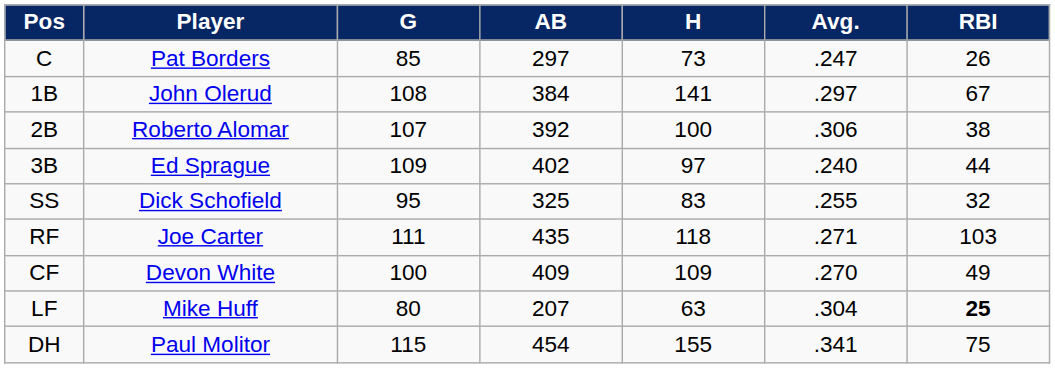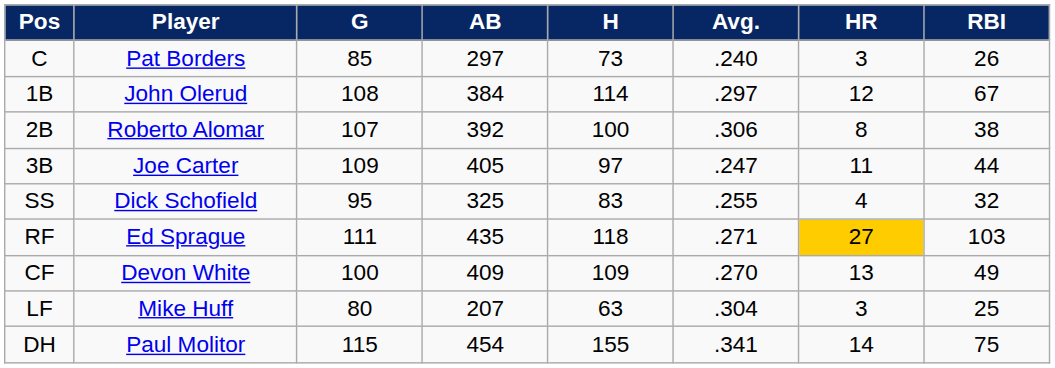 <table class="wikitable sortable">
 <tr>
 <th style="background:#072764;color:white;" width="5%">Pos</th>
 <th style="background:#072764;color:white;" width="16%">Player</th>
 <th style="background:#072764;color:white;" width="9%">G</th>
 <th style="background:#072764;color:white;" width="9%">AB</th>
 <th style="background:#072764;color:white;" width="9%">H</th>
 <th style="background:#072764;color:white;" width="9%">Avg.</th>
+<th style="background:#072764;color:white;" width="9%">HR</th>
 <th style="background:#072764;color:white;" width="9%">RBI</th>
 </tr>
 <tr align="center">
 <td>C</td>
 <td><a href='#'>Pat Borders</a></td>
 <td>85</td>
 <td>297</td>
 <td>73</td>
-<td>.247</td>
+<td>.240</td>
+<td>3</td>
 <td>26</td>
 </tr>
 <tr align="center">
 <td>1B</td>
 <td><a href='#'>John Olerud</a></td>
 <td>108</td>
 <td>384</td>
-<td>141</td>
+<td>114</td>
 <td>.297</td>
+<td>12</td>
 <td>67</td>
 </tr>
 <tr align="center">
 <td>2B</td>
 <td><a href='#'>Roberto Alomar</a></td>
 <td>107</td>
 <td>392</td>
 <td>100</td>
 <td>.306</td>
+<td>8</td>
 <td>38</td>
 </tr>
 <tr align="center">
 <td>3B</td>
-<td><a href='#'>Ed Sprague</a></td>
+<td><a href='#'>Joe Carter</a></td>
 <td>109</td>
-<td>402</td>
+<td>405</td>
 <td>97</td>
-<td>.240</td>
+<td>.247</td>
+<td>11</td>
 <td>44</td>
 </tr>
 <tr align="center">
 <td>SS</td>
 <td><a href='#'>Dick Schofield</a></td>
 <td>95</td>
 <td>325</td>
 <td>83</td>
 <td>.255</td>
+<td>4</td>
 <td>32</td>
 </tr>
 <tr align="center">
 <td>RF</td>
-<td><a href='#'>Joe Carter</a></td>
+<td><a href='#'>Ed Sprague</a></td>
 <td>111</td>
 <td>435</td>
 <td>118</td>
 <td>.271</td>
+<td style="background:#fc0;">27</td>
 <td>103</td>
 </tr>
 <tr align="center">
 <td>CF</td>
 <td><a href='#'>Devon White</a></td>
 <td>100</td>
 <td>409</td>
 <td>109</td>
 <td>.270</td>
+<td>13</td>
 <td>49</td>
 </tr>
 <tr align="center">
 <td>LF</td>
 <td><a href='#'>Mike Huff</a></td>
 <td>80</td>
 <td>207</td>
 <td>63</td>
 <td>.304</td>
-<td><strong>25</strong></td>
+<td>3</td>
+<td>25</td>
 </tr>
 <tr align="center">
 <td>DH</td>
 <td><a href='#'>Paul Molitor</a></td>
 <td>115</td>
 <td>454</td>
 <td>155</td>
 <td>.341</td>
+<td>14</td>
 <td>75</td>
 </tr>
 </table>
